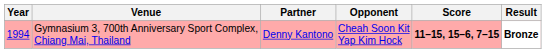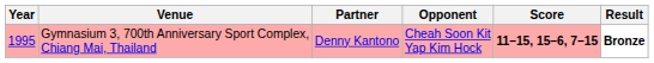 <table class="sortable wikitable" style="font-size: 90%;">
 <tr>
 <th>Year</th>
 <th>Venue</th>
 <th>Partner</th>
 <th>Opponent</th>
 <th>Score</th>
 <th>Result</th>
 </tr>
 <tr style="background:#FFAAAA">
-<td align="center"><a href='#'>1994</a></td>
+<td align="center"><a href='#'>1995</a></td>
 <td align="left">Gymnasium 3, 700th Anniversary Sport Complex,<br><a href='#'>Chiang Mai, Thailand</a></td>
 <td align="left"> <a href='#'>Denny Kantono</a></td>
 <td align="left"> <a href='#'>Cheah Soon Kit</a> <br>  <a href='#'>Yap Kim Hock</a></td>
 <td align="left"><strong>11–15, 15–6, 7–15</strong></td>
 <td style="text-align:left; background:white"> <strong>Bronze</strong></td>
 </tr>
 </table>
